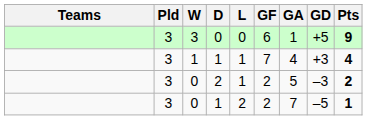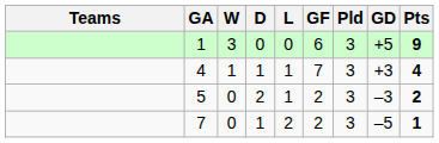 <table class="wikitable" style="text-align: center;">
 <tr>
 <th width=165>Teams</th>
-<th width=20>Pld</th>
+<th width=20>GA</th>
 <th width=20>W</th>
 <th width=20>D</th>
 <th width=20>L</th>
 <th width=20>GF</th>
-<th width=20>GA</th>
+<th width=20>Pld</th>
 <th width=20>GD</th>
 <th width=20>Pts</th>
 </tr>
 <tr align=center style="background:#ccffcc;">
 <td style="text-align:left;"></td>
-<td>3</td>
+<td>1</td>
 <td>3</td>
 <td>0</td>
 <td>0</td>
 <td>6</td>
-<td>1</td>
+<td>3</td>
 <td>+5</td>
 <td><strong>9</strong></td>
 </tr>
 <tr align=center>
 <td style="text-align:left;"></td>
-<td>3</td>
+<td>4</td>
 <td>1</td>
 <td>1</td>
 <td>1</td>
 <td>7</td>
-<td>4</td>
+<td>3</td>
 <td>+3</td>
 <td><strong>4</strong></td>
 </tr>
 <tr align=center>
 <td style="text-align:left;"></td>
-<td>3</td>
+<td>5</td>
 <td>0</td>
 <td>2</td>
 <td>1</td>
 <td>2</td>
-<td>5</td>
+<td>3</td>
 <td>–3</td>
 <td><strong>2</strong></td>
 </tr>
 <tr align=center>
 <td style="text-align:left;"></td>
-<td>3</td>
+<td>7</td>
 <td>0</td>
 <td>1</td>
 <td>2</td>
 <td>2</td>
-<td>7</td>
+<td>3</td>
 <td>–5</td>
 <td><strong>1</strong></td>
 </tr>
 </table>
